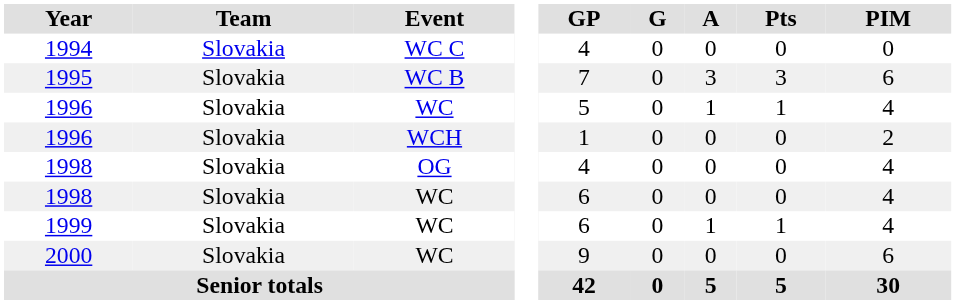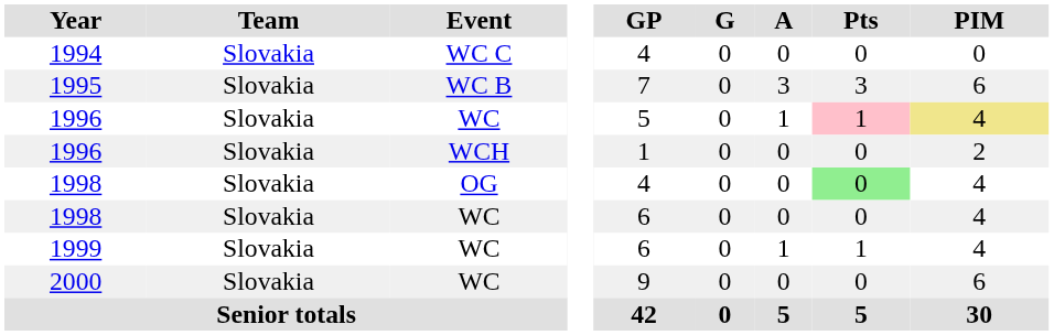 <table border="0" cellpadding="1" cellspacing="0" style="text-align:center; width:40em">
 <tr ALIGN="center" bgcolor="#e0e0e0">
 <th>Year</th>
 <th>Team</th>
 <th>Event</th>
 <th rowspan="99" bgcolor="#ffffff"> </th>
 <th>GP</th>
 <th>G</th>
 <th>A</th>
 <th>Pts</th>
 <th>PIM</th>
 </tr>
 <tr>
 <td><a href='#'>1994</a></td>
 <td><a href='#'>Slovakia</a></td>
 <td><a href='#'>WC C</a></td>
 <td>4</td>
 <td>0</td>
 <td>0</td>
 <td>0</td>
 <td>0</td>
 </tr>
 <tr bgcolor="#f0f0f0">
 <td><a href='#'>1995</a></td>
 <td>Slovakia</td>
 <td><a href='#'>WC B</a></td>
 <td>7</td>
 <td>0</td>
 <td>3</td>
 <td>3</td>
 <td>6</td>
 </tr>
 <tr>
 <td><a href='#'>1996</a></td>
 <td>Slovakia</td>
 <td><a href='#'>WC</a></td>
 <td>5</td>
 <td>0</td>
 <td>1</td>
-<td>1</td>
-<td>4</td>
+<td style="background: pink;">1</td>
+<td style="background: khaki;">4</td>
 </tr>
 <tr bgcolor="#f0f0f0">
 <td><a href='#'>1996</a></td>
 <td>Slovakia</td>
 <td><a href='#'>WCH</a></td>
 <td>1</td>
 <td>0</td>
 <td>0</td>
 <td>0</td>
 <td>2</td>
 </tr>
 <tr>
 <td><a href='#'>1998</a></td>
 <td>Slovakia</td>
 <td><a href='#'>OG</a></td>
 <td>4</td>
 <td>0</td>
 <td>0</td>
-<td>0</td>
+<td style="background: lightgreen;">0</td>
 <td>4</td>
 </tr>
 <tr bgcolor="#f0f0f0">
 <td><a href='#'>1998</a></td>
 <td>Slovakia</td>
 <td>WC</td>
 <td>6</td>
 <td>0</td>
 <td>0</td>
 <td>0</td>
 <td>4</td>
 </tr>
 <tr>
 <td><a href='#'>1999</a></td>
 <td>Slovakia</td>
 <td>WC</td>
 <td>6</td>
 <td>0</td>
 <td>1</td>
 <td>1</td>
 <td>4</td>
 </tr>
 <tr bgcolor="#f0f0f0">
 <td><a href='#'>2000</a></td>
 <td>Slovakia</td>
 <td>WC</td>
 <td>9</td>
 <td>0</td>
 <td>0</td>
 <td>0</td>
 <td>6</td>
 </tr>
 <tr bgcolor="#e0e0e0">
 <th colspan=3>Senior totals</th>
 <th>42</th>
 <th>0</th>
 <th>5</th>
 <th>5</th>
 <th>30</th>
 </tr>
 </table>
